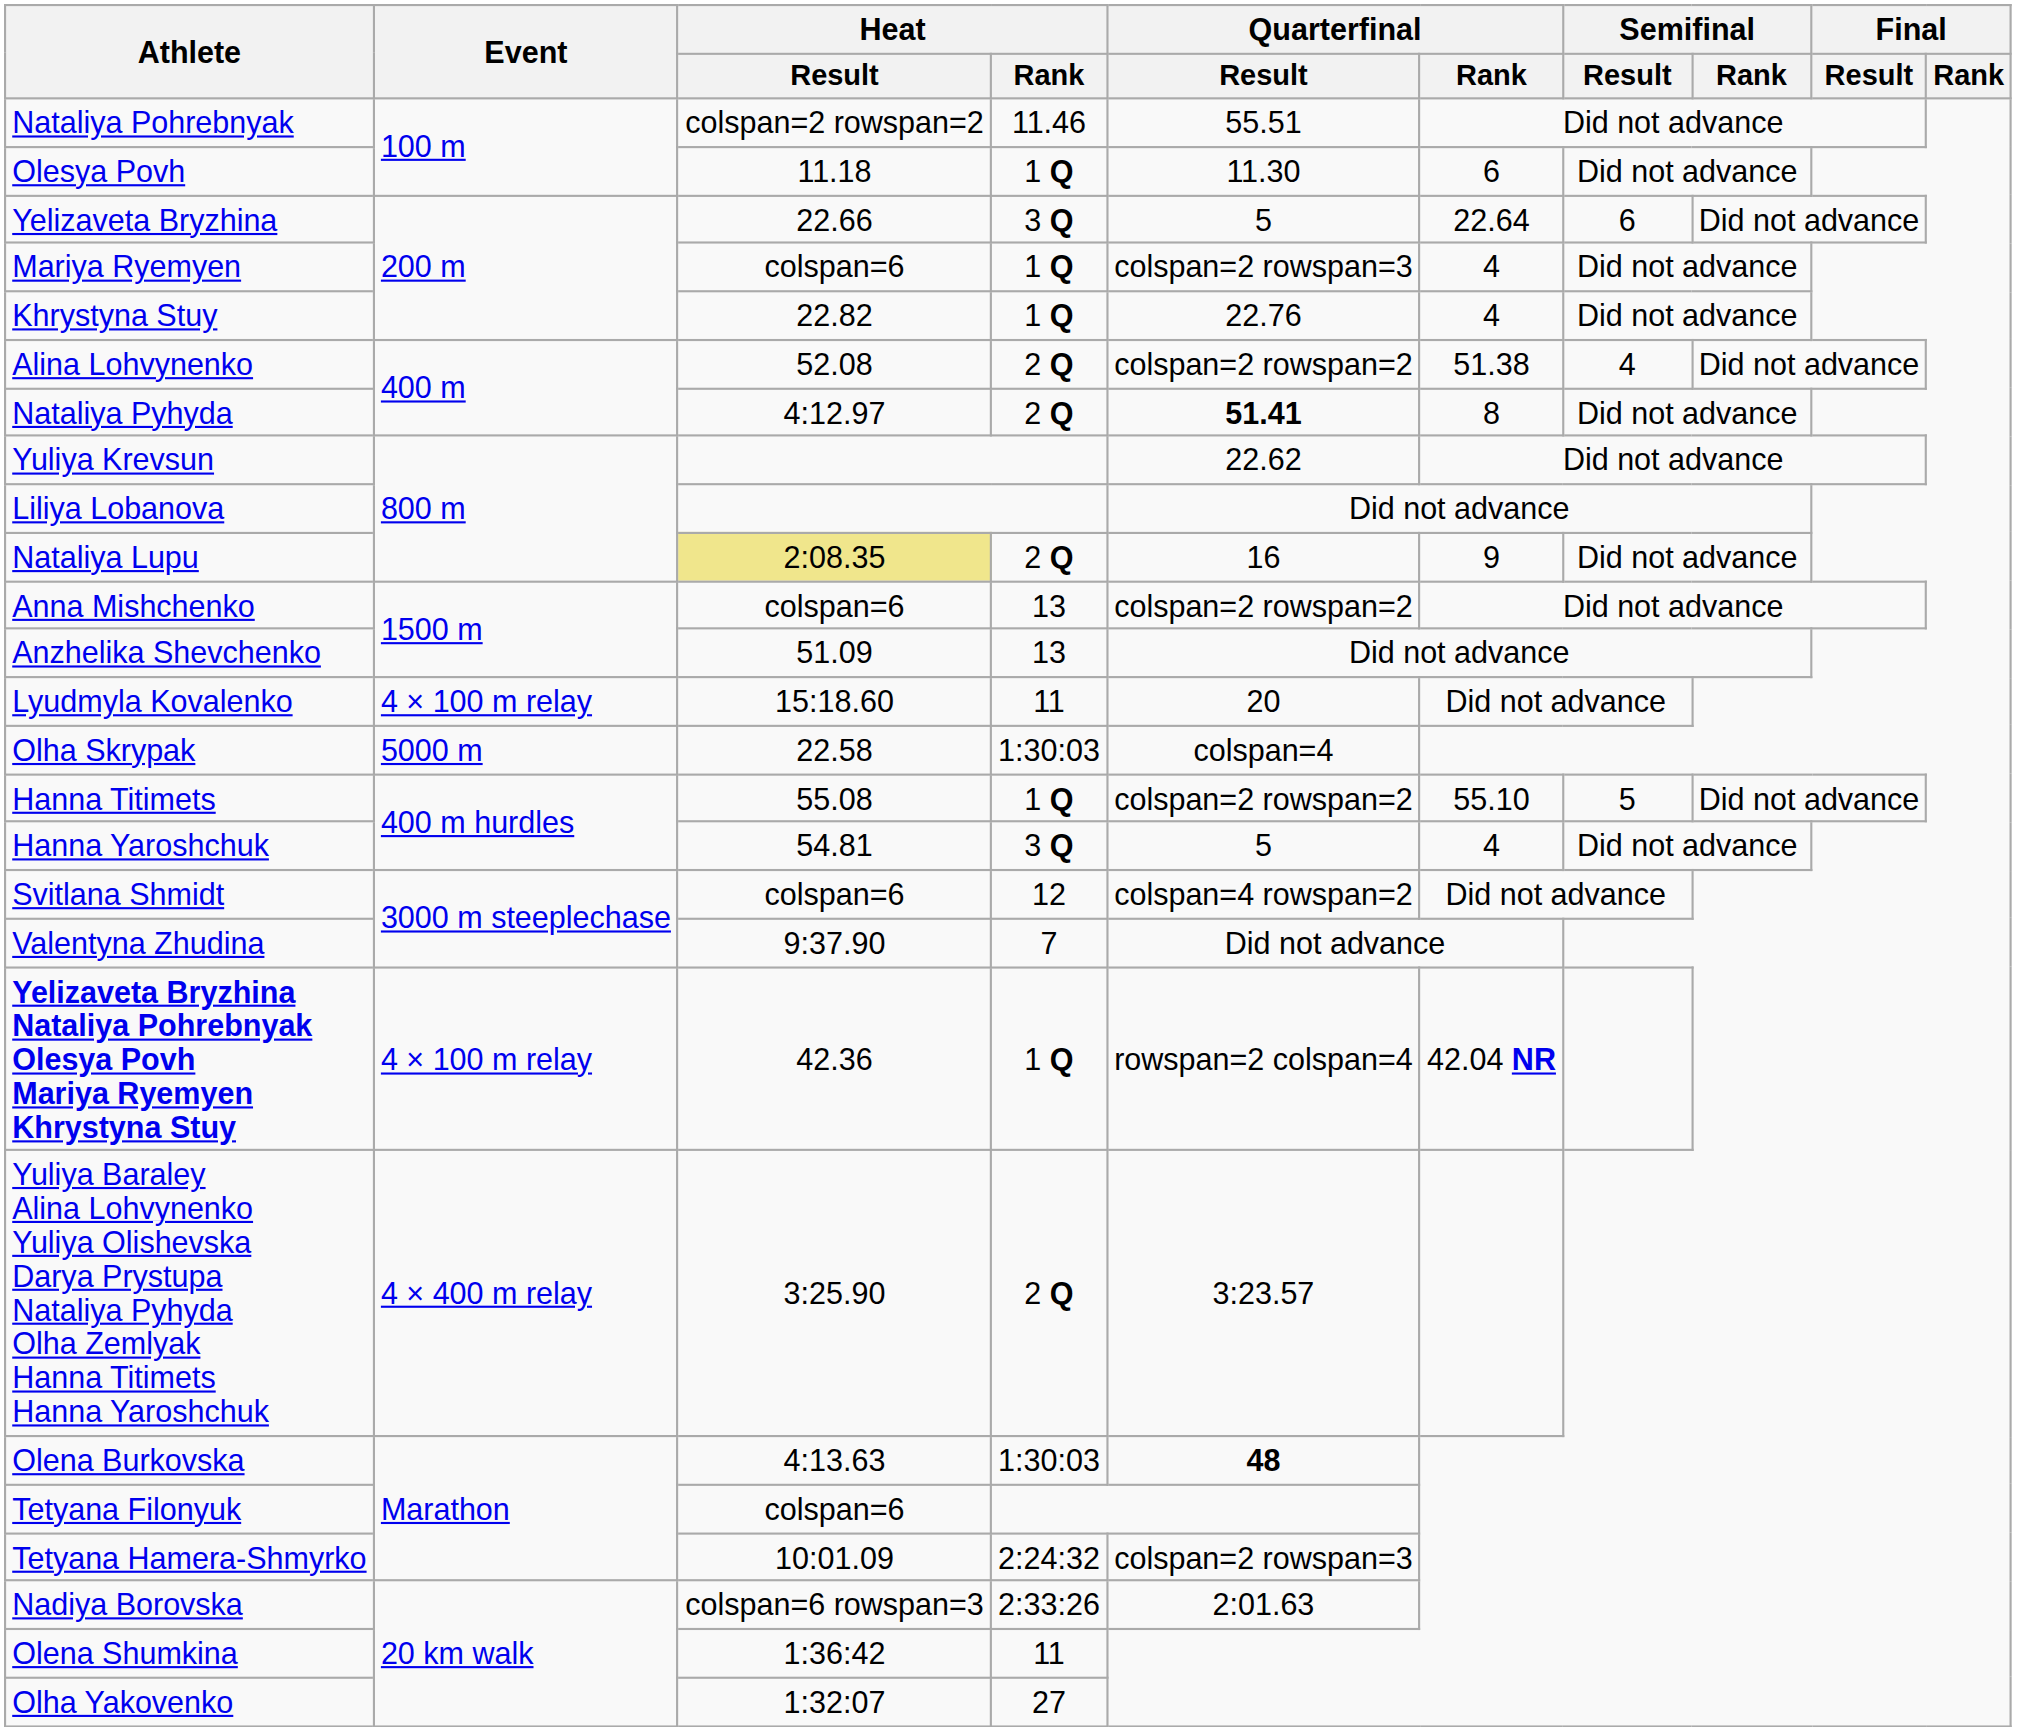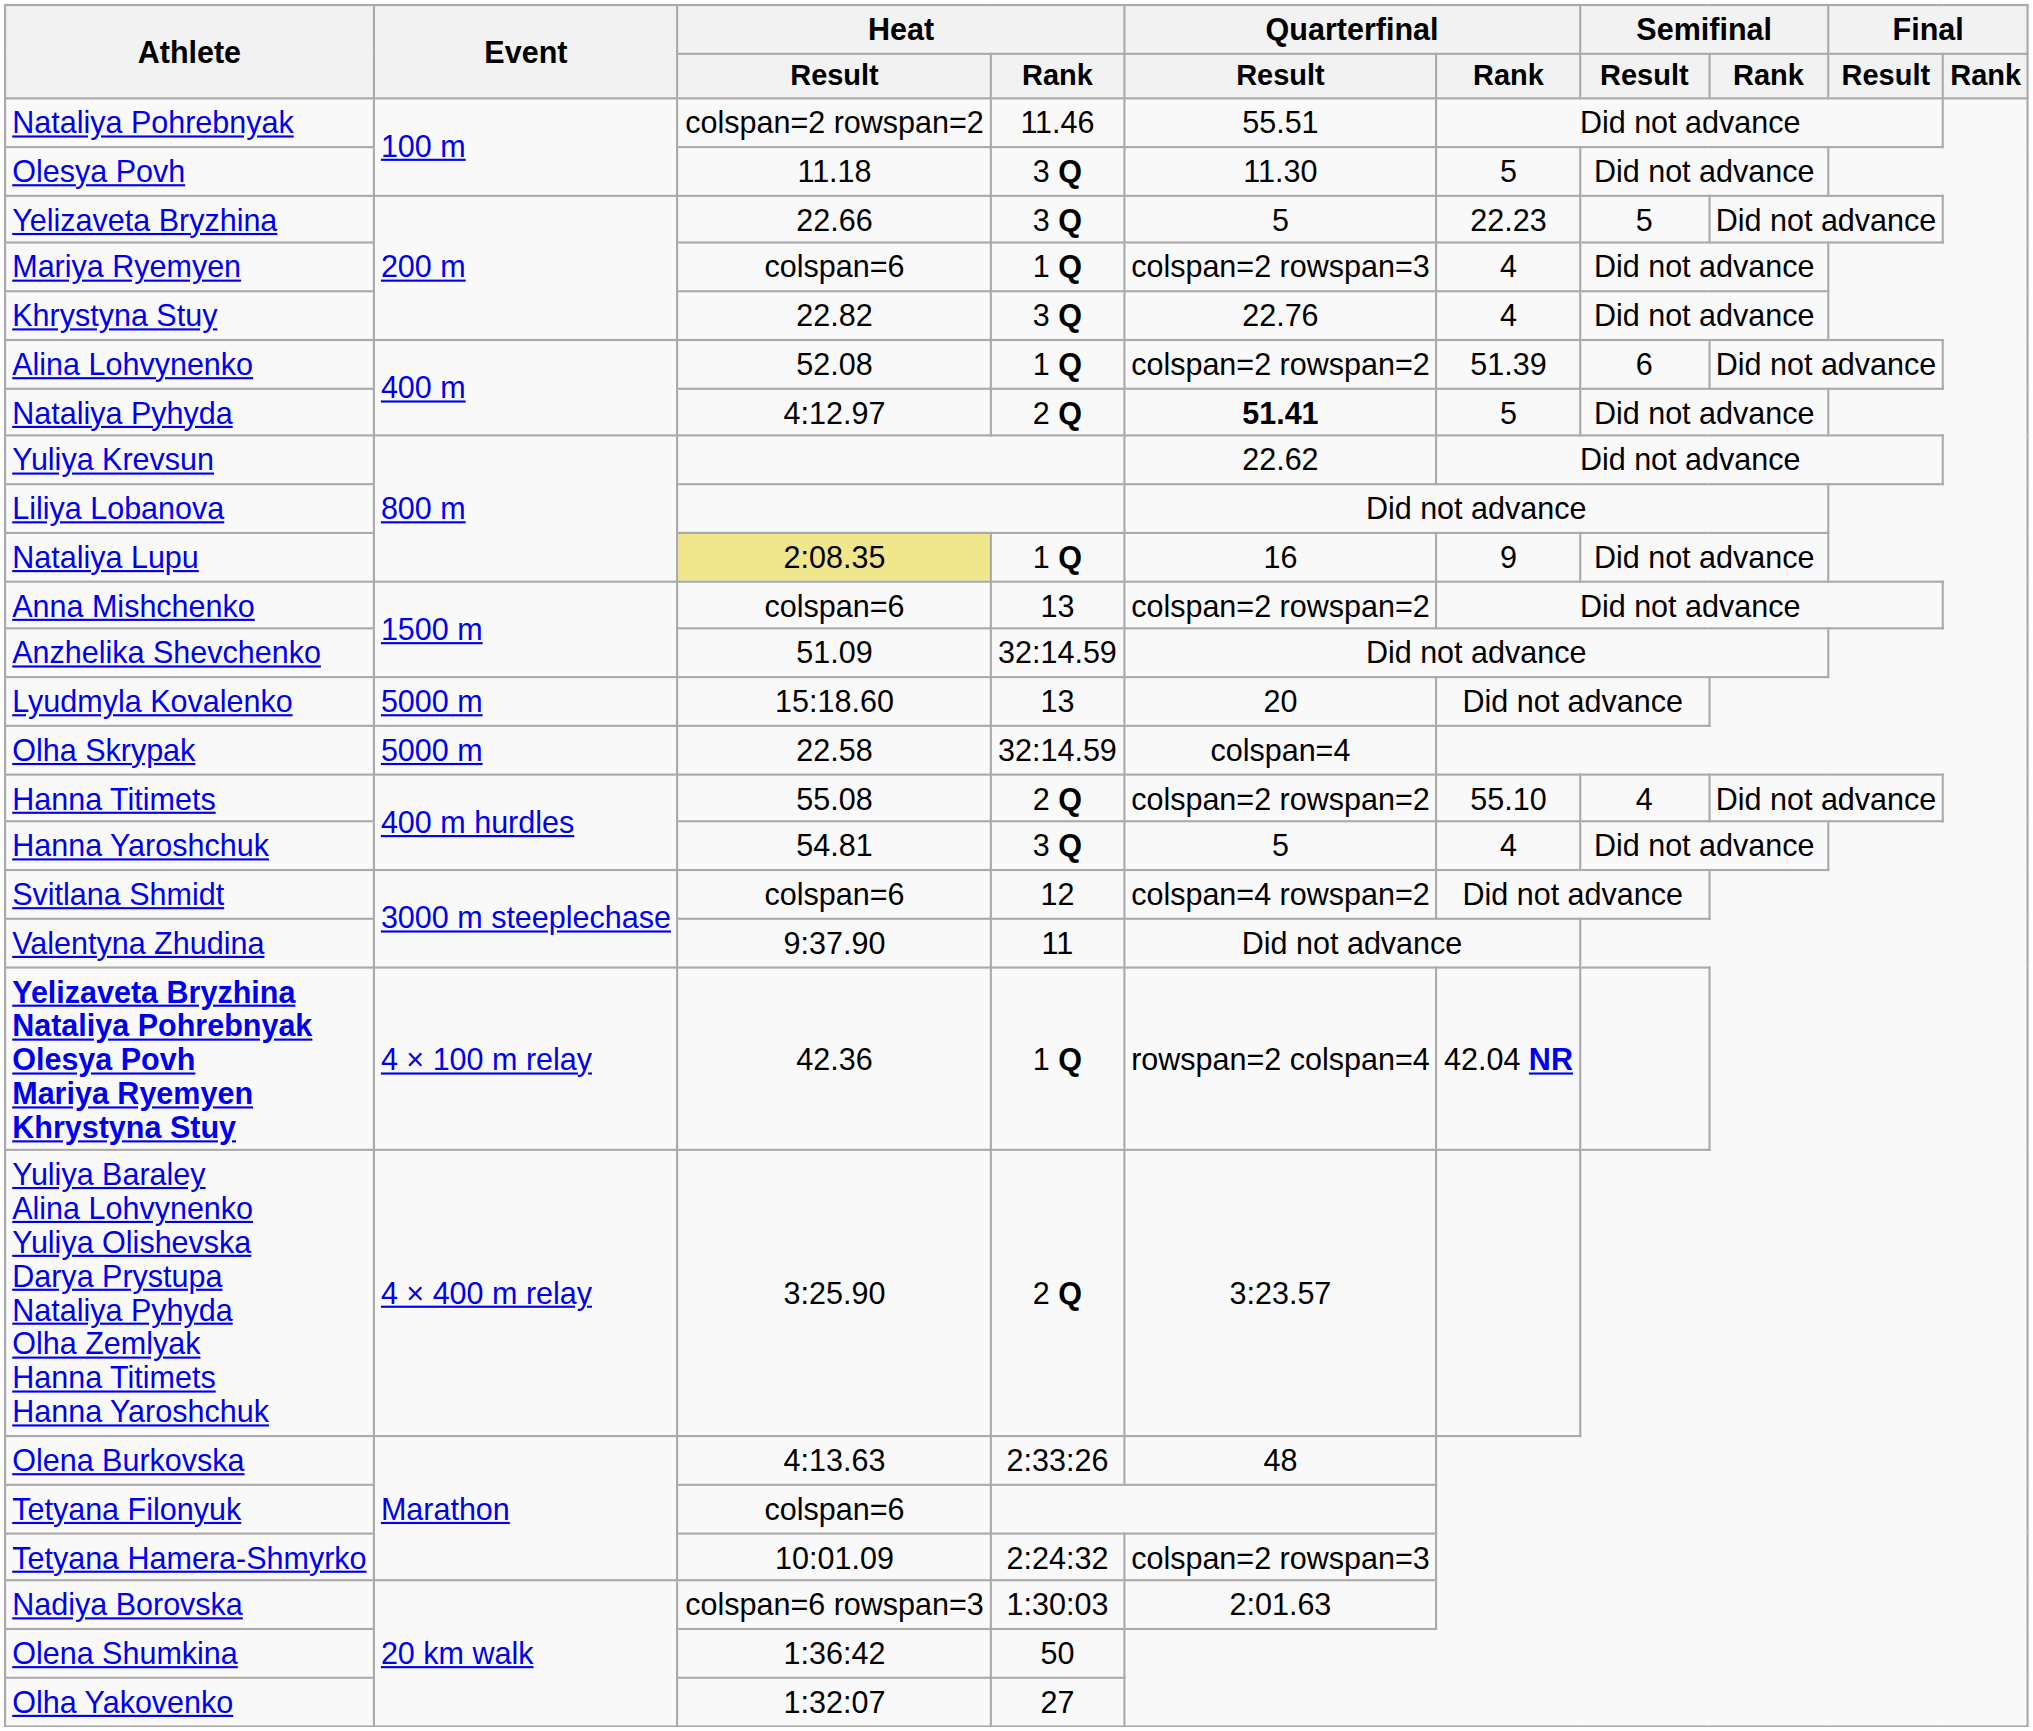 <table class="wikitable" style="font-size:90%">
 <tr>
 <th rowspan="2">Athlete</th>
 <th rowspan="2">Event</th>
 <th colspan="2">Heat</th>
 <th colspan="2">Quarterfinal</th>
 <th colspan="2">Semifinal</th>
 <th colspan="2">Final</th>
 </tr>
 <tr style="font-size:95%">
 <th>Result</th>
 <th>Rank</th>
 <th>Result</th>
 <th>Rank</th>
 <th>Result</th>
 <th>Rank</th>
 <th>Result</th>
 <th>Rank</th>
 </tr>
 <tr align=center>
 <td align=left><a href='#'>Nataliya Pohrebnyak</a></td>
 <td align=left rowspan=2><a href='#'>100 m</a></td>
 <td>colspan=2 rowspan=2 </td>
 <td>11.46</td>
 <td>55.51</td>
 <td colspan=4>Did not advance</td>
 </tr>
 <tr align=center>
 <td align=left><a href='#'>Olesya Povh</a></td>
 <td>11.18</td>
-<td>1 <strong>Q</strong></td>
+<td>3 <strong>Q</strong></td>
 <td>11.30</td>
-<td>6</td>
+<td>5</td>
 <td colspan=2>Did not advance</td>
 </tr>
 <tr align=center>
 <td align=left><a href='#'>Yelizaveta Bryzhina</a></td>
 <td align=left rowspan=3><a href='#'>200 m</a></td>
 <td>22.66</td>
 <td>3 <strong>Q</strong></td>
 <td>5</td>
-<td>22.64</td>
-<td>6</td>
+<td>22.23</td>
+<td>5</td>
 <td colspan=2>Did not advance</td>
 </tr>
 <tr align=center>
 <td align=left><a href='#'>Mariya Ryemyen</a></td>
 <td>colspan=6 </td>
 <td>1 <strong>Q</strong></td>
 <td>colspan=2 rowspan=3 </td>
 <td>4</td>
 <td colspan=2>Did not advance</td>
 </tr>
 <tr align=center>
 <td align=left><a href='#'>Khrystyna Stuy</a></td>
 <td>22.82</td>
-<td>1 <strong>Q</strong></td>
+<td>3 <strong>Q</strong></td>
 <td>22.76</td>
 <td>4</td>
 <td colspan=2>Did not advance</td>
 </tr>
 <tr align=center>
 <td align=left><a href='#'>Alina Lohvynenko</a></td>
 <td align=left rowspan=2><a href='#'>400 m</a></td>
 <td>52.08</td>
-<td>2 <strong>Q</strong></td>
+<td>1 <strong>Q</strong></td>
 <td>colspan=2 rowspan=2 </td>
-<td>51.38</td>
-<td>4</td>
+<td>51.39</td>
+<td>6</td>
 <td colspan=2>Did not advance</td>
 </tr>
 <tr align=center>
 <td align=left><a href='#'>Nataliya Pyhyda</a></td>
 <td>4:12.97</td>
 <td>2 <strong>Q</strong></td>
 <td><strong>51.41</strong></td>
-<td>8</td>
+<td>5</td>
 <td colspan=2>Did not advance</td>
 </tr>
 <tr align=center>
 <td align=left><a href='#'>Yuliya Krevsun</a></td>
 <td align=left rowspan=3><a href='#'>800 m</a></td>
 <td colspan=2></td>
 <td>22.62</td>
 <td colspan=4>Did not advance</td>
 </tr>
 <tr align=center>
 <td align=left><a href='#'>Liliya Lobanova</a></td>
 <td colspan=2></td>
 <td colspan=4>Did not advance</td>
 </tr>
 <tr align=center>
 <td align=left><a href='#'>Nataliya Lupu</a></td>
 <td style="background: khaki;">2:08.35</td>
-<td>2 <strong>Q</strong></td>
+<td>1 <strong>Q</strong></td>
 <td>16</td>
 <td>9</td>
 <td colspan=2>Did not advance</td>
 </tr>
 <tr align=center>
 <td align=left><a href='#'>Anna Mishchenko</a></td>
 <td align=left rowspan=2><a href='#'>1500 m</a></td>
 <td>colspan=6 </td>
 <td>13</td>
 <td>colspan=2 rowspan=2 </td>
 <td colspan=4>Did not advance</td>
 </tr>
 <tr align=center>
 <td align=left><a href='#'>Anzhelika Shevchenko</a></td>
 <td>51.09</td>
-<td>13</td>
+<td>32:14.59</td>
 <td colspan=4>Did not advance</td>
 </tr>
 <tr align=center>
 <td align=left><a href='#'>Lyudmyla Kovalenko</a></td>
-<td align=left><a href='#'>4 × 100 m relay</a></td>
+<td align=left><a href='#'>5000 m</a></td>
 <td>15:18.60</td>
-<td>11</td>
+<td>13</td>
 <td>20</td>
 <td colspan=2>Did not advance</td>
 </tr>
 <tr align=center>
 <td align=left><a href='#'>Olha Skrypak</a></td>
 <td align=left><a href='#'>5000 m</a></td>
 <td>22.58</td>
-<td>1:30:03</td>
+<td>32:14.59</td>
 <td>colspan=4 </td>
 </tr>
 <tr align=center>
 <td align=left><a href='#'>Hanna Titimets</a></td>
 <td align=left rowspan=2><a href='#'>400 m hurdles</a></td>
 <td>55.08</td>
-<td>1 <strong>Q</strong></td>
+<td>2 <strong>Q</strong></td>
 <td>colspan=2 rowspan=2 </td>
 <td>55.10</td>
-<td>5</td>
+<td>4</td>
 <td colspan=2>Did not advance</td>
 </tr>
 <tr align=center>
 <td align=left><a href='#'>Hanna Yaroshchuk</a></td>
 <td>54.81</td>
 <td>3 <strong>Q</strong></td>
 <td>5</td>
 <td>4</td>
 <td colspan=2>Did not advance</td>
 </tr>
 <tr align=center>
 <td align=left><a href='#'>Svitlana Shmidt</a></td>
 <td align=left rowspan=2><a href='#'>3000 m steeplechase</a></td>
 <td>colspan=6 </td>
 <td>12</td>
 <td>colspan=4 rowspan=2 </td>
 <td colspan=2>Did not advance</td>
 </tr>
 <tr align=center>
 <td align=left><a href='#'>Valentyna Zhudina</a></td>
 <td>9:37.90</td>
-<td>7</td>
+<td>11</td>
 <td colspan=2>Did not advance</td>
 </tr>
 <tr align=center>
 <td align=left><strong><a href='#'>Yelizaveta Bryzhina</a><br><a href='#'>Nataliya Pohrebnyak</a><br><a href='#'>Olesya Povh</a><br><a href='#'>Mariya Ryemyen</a><br><a href='#'>Khrystyna Stuy</a></strong></td>
 <td align=left><a href='#'>4 × 100 m relay</a></td>
 <td>42.36</td>
 <td>1 <strong>Q</strong></td>
 <td>rowspan=2 colspan=4 </td>
 <td>42.04 <strong><a href='#'>NR</a></strong></td>
 <td></td>
 </tr>
 <tr align=center>
 <td align=left><a href='#'>Yuliya Baraley</a><br><a href='#'>Alina Lohvynenko</a><br><a href='#'>Yuliya Olishevska</a><br><a href='#'>Darya Prystupa</a><br><a href='#'>Nataliya Pyhyda</a><br><a href='#'>Olha Zemlyak</a><br><a href='#'>Hanna Titimets</a><br><a href='#'>Hanna Yaroshchuk</a></td>
 <td align=left><a href='#'>4 × 400 m relay</a></td>
 <td>3:25.90</td>
 <td>2 <strong>Q</strong></td>
 <td>3:23.57</td>
 <td></td>
 </tr>
 <tr align=center>
 <td align=left><a href='#'>Olena Burkovska</a></td>
 <td align=left rowspan=3><a href='#'>Marathon</a></td>
 <td>4:13.63</td>
-<td>1:30:03</td>
-<td><strong>48</strong></td>
+<td>2:33:26</td>
+<td>48</td>
 </tr>
 <tr align=center>
 <td align=left><a href='#'>Tetyana Filonyuk</a></td>
 <td>colspan=6 </td>
 <td colspan=2></td>
 </tr>
 <tr align=center>
 <td align=left><a href='#'>Tetyana Hamera-Shmyrko</a></td>
 <td>10:01.09</td>
 <td>2:24:32</td>
 <td>colspan=2 rowspan=3 </td>
 </tr>
 <tr align=center>
 <td align=left><a href='#'>Nadiya Borovska</a></td>
 <td align=left rowspan=3><a href='#'>20 km walk</a></td>
 <td>colspan=6 rowspan=3 </td>
-<td>2:33:26</td>
+<td>1:30:03</td>
 <td>2:01.63</td>
 </tr>
 <tr align=center>
 <td align=left><a href='#'>Olena Shumkina</a></td>
 <td>1:36:42</td>
-<td>11</td>
+<td>50</td>
 </tr>
 <tr align=center>
 <td align=left><a href='#'>Olha Yakovenko</a></td>
 <td>1:32:07</td>
 <td>27</td>
 </tr>
 </table>
